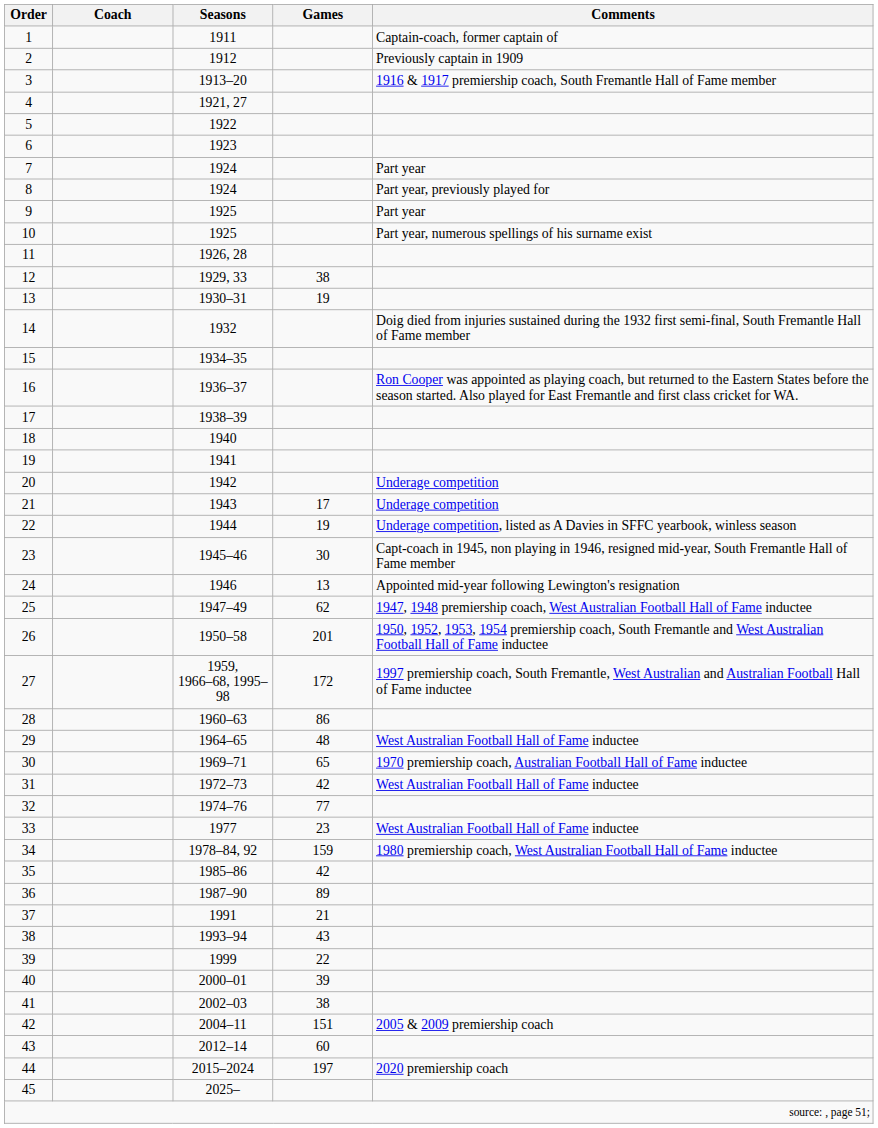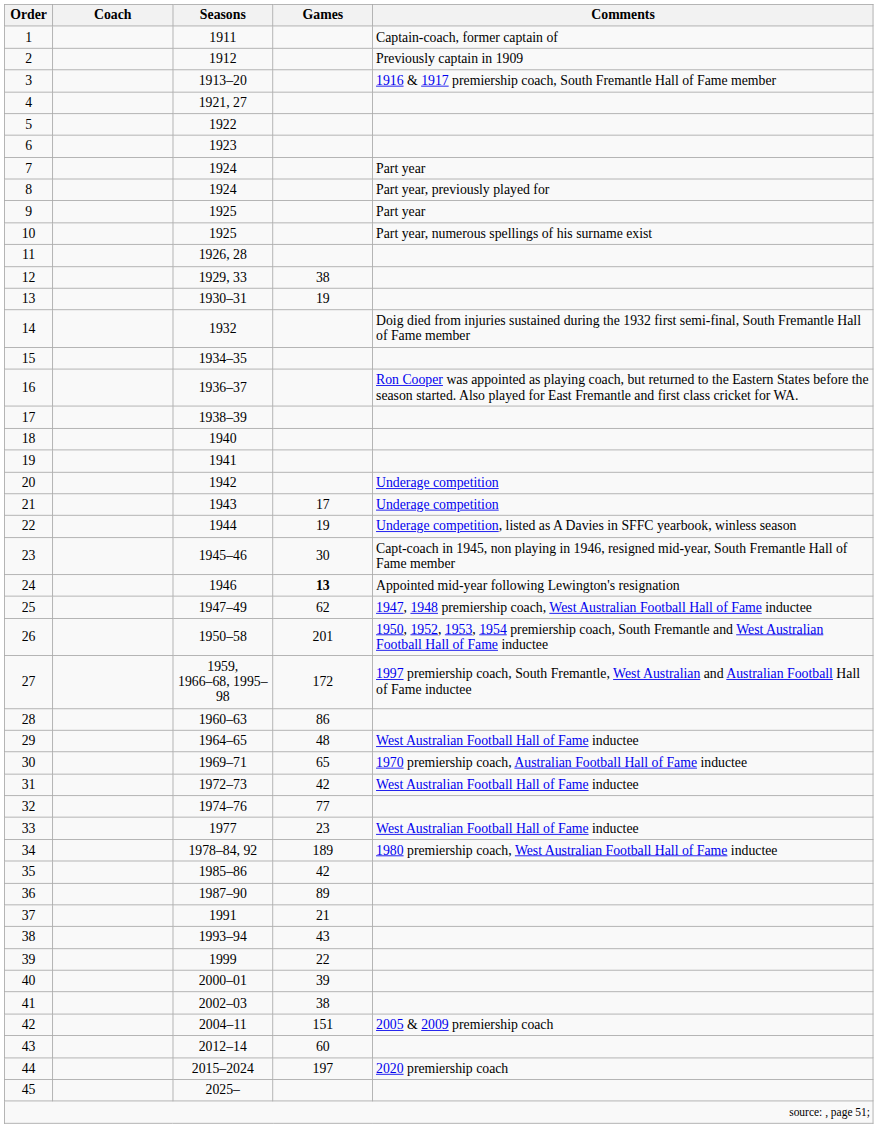 <table class="wikitable sortable" style="width: 80%; align: center">
 <tr>
 <th style="width: 4%;">Order</th>
 <th style="width: 12%;">Coach</th>
 <th style="width: 10%;">Seasons</th>
 <th style="width: 10%;">Games</th>
 <th style="width: 50%;">Comments</th>
 </tr>
 <tr>
 <td style="text-align: center">1</td>
 <td></td>
 <td style="text-align: center">1911</td>
 <td style="text-align: center"></td>
 <td>Captain-coach, former captain of </td>
 </tr>
 <tr>
 <td style="text-align: center">2</td>
 <td></td>
 <td style="text-align: center">1912</td>
 <td style="text-align: center"></td>
 <td>Previously captain in 1909</td>
 </tr>
 <tr>
 <td style="text-align: center">3</td>
 <td></td>
 <td style="text-align: center">1913–20</td>
 <td style="text-align: center"></td>
 <td><a href='#'>1916</a> & <a href='#'>1917</a> premiership coach, South Fremantle Hall of Fame member</td>
 </tr>
 <tr>
 <td style="text-align: center">4</td>
 <td></td>
 <td style="text-align: center">1921, 27</td>
 <td style="text-align: center"></td>
 <td></td>
 </tr>
 <tr>
 <td style="text-align: center">5</td>
 <td></td>
 <td style="text-align: center">1922</td>
 <td style="text-align: center"></td>
 <td></td>
 </tr>
 <tr>
 <td style="text-align: center">6</td>
 <td></td>
 <td style="text-align: center">1923</td>
 <td style="text-align: center"></td>
 <td></td>
 </tr>
 <tr>
 <td style="text-align: center">7</td>
 <td></td>
 <td style="text-align: center">1924</td>
 <td style="text-align: center"></td>
 <td>Part year</td>
 </tr>
 <tr>
 <td style="text-align: center">8</td>
 <td></td>
 <td style="text-align: center">1924</td>
 <td style="text-align: center"></td>
 <td>Part year, previously played for </td>
 </tr>
 <tr>
 <td style="text-align: center">9</td>
 <td></td>
 <td style="text-align: center">1925</td>
 <td style="text-align: center"></td>
 <td>Part year</td>
 </tr>
 <tr>
 <td style="text-align: center">10</td>
 <td></td>
 <td style="text-align: center">1925</td>
 <td style="text-align: center"></td>
 <td>Part year, numerous spellings of his surname exist</td>
 </tr>
 <tr>
 <td style="text-align: center">11</td>
 <td></td>
 <td style="text-align: center">1926, 28</td>
 <td style="text-align: center"></td>
 <td></td>
 </tr>
 <tr>
 <td style="text-align: center">12</td>
 <td></td>
 <td style="text-align: center">1929, 33</td>
 <td style="text-align: center">38</td>
 <td></td>
 </tr>
 <tr>
 <td style="text-align: center">13</td>
 <td></td>
 <td style="text-align: center">1930–31</td>
 <td style="text-align: center">19</td>
 <td></td>
 </tr>
 <tr>
 <td style="text-align: center">14</td>
 <td></td>
 <td style="text-align: center">1932</td>
 <td style="text-align: center"></td>
 <td>Doig died from injuries sustained during the 1932 first semi-final, South Fremantle Hall of Fame member</td>
 </tr>
 <tr>
 <td style="text-align: center">15</td>
 <td></td>
 <td style="text-align: center">1934–35</td>
 <td style="text-align: center"></td>
 <td></td>
 </tr>
 <tr>
 <td style="text-align: center">16</td>
 <td></td>
 <td style="text-align: center">1936–37</td>
 <td style="text-align: center"></td>
 <td><a href='#'>Ron Cooper</a> was appointed as playing coach, but returned to the Eastern States before the season started. Also played for East Fremantle and first class cricket for WA.</td>
 </tr>
 <tr>
 <td style="text-align: center">17</td>
 <td></td>
 <td style="text-align: center">1938–39</td>
 <td style="text-align: center"></td>
 <td></td>
 </tr>
 <tr>
 <td style="text-align: center">18</td>
 <td></td>
 <td style="text-align: center">1940</td>
 <td style="text-align: center"></td>
 <td></td>
 </tr>
 <tr>
 <td style="text-align: center">19</td>
 <td></td>
 <td style="text-align: center">1941</td>
 <td style="text-align: center"></td>
 <td></td>
 </tr>
 <tr>
 <td style="text-align: center">20</td>
 <td></td>
 <td style="text-align: center">1942</td>
 <td style="text-align: center"></td>
 <td><a href='#'>Underage competition</a></td>
 </tr>
 <tr>
 <td style="text-align: center">21</td>
 <td></td>
 <td style="text-align: center">1943</td>
 <td style="text-align: center">17</td>
 <td><a href='#'>Underage competition</a></td>
 </tr>
 <tr>
 <td style="text-align: center">22</td>
 <td></td>
 <td style="text-align: center">1944</td>
 <td style="text-align: center">19</td>
 <td><a href='#'>Underage competition</a>, listed as A Davies in SFFC yearbook, winless season</td>
 </tr>
 <tr>
 <td style="text-align: center">23</td>
 <td></td>
 <td style="text-align: center">1945–46</td>
 <td style="text-align: center">30</td>
 <td>Capt-coach in 1945, non playing in 1946, resigned mid-year, South Fremantle Hall of Fame member</td>
 </tr>
 <tr>
 <td style="text-align: center">24</td>
 <td></td>
 <td style="text-align: center">1946</td>
-<td style="text-align: center">13</td>
+<td style="text-align: center"><strong>13</strong></td>
 <td>Appointed mid-year following Lewington's resignation</td>
 </tr>
 <tr>
 <td style="text-align: center">25</td>
 <td></td>
 <td style="text-align: center">1947–49</td>
 <td style="text-align: center">62</td>
 <td><a href='#'>1947</a>, <a href='#'>1948</a> premiership coach, <a href='#'>West Australian Football Hall of Fame</a> inductee</td>
 </tr>
 <tr>
 <td style="text-align: center">26</td>
 <td></td>
 <td style="text-align: center">1950–58</td>
 <td style="text-align: center">201</td>
 <td><a href='#'>1950</a>, <a href='#'>1952</a>, <a href='#'>1953</a>, <a href='#'>1954</a> premiership coach, South Fremantle and <a href='#'>West Australian Football Hall of Fame</a> inductee</td>
 </tr>
 <tr>
 <td style="text-align: center">27</td>
 <td></td>
 <td style="text-align: center">1959,<br>1966–68, 1995–98</td>
 <td style="text-align: center">172</td>
 <td><a href='#'>1997</a> premiership coach, South Fremantle, <a href='#'>West Australian</a> and <a href='#'>Australian Football</a> Hall of Fame inductee</td>
 </tr>
 <tr>
 <td style="text-align: center">28</td>
 <td></td>
 <td style="text-align: center">1960–63</td>
 <td style="text-align: center">86</td>
 <td></td>
 </tr>
 <tr>
 <td style="text-align: center">29</td>
 <td></td>
 <td style="text-align: center">1964–65</td>
 <td style="text-align: center">48</td>
 <td><a href='#'>West Australian Football Hall of Fame</a> inductee</td>
 </tr>
 <tr>
 <td style="text-align: center">30</td>
 <td></td>
 <td style="text-align: center">1969–71</td>
 <td style="text-align: center">65</td>
 <td><a href='#'>1970</a> premiership coach, <a href='#'>Australian Football Hall of Fame</a> inductee</td>
 </tr>
 <tr>
 <td style="text-align: center">31</td>
 <td></td>
 <td style="text-align: center">1972–73</td>
 <td style="text-align: center">42</td>
 <td><a href='#'>West Australian Football Hall of Fame</a> inductee</td>
 </tr>
 <tr>
 <td style="text-align: center">32</td>
 <td></td>
 <td style="text-align: center">1974–76</td>
 <td style="text-align: center">77</td>
 <td></td>
 </tr>
 <tr>
 <td style="text-align: center">33</td>
 <td></td>
 <td style="text-align: center">1977</td>
 <td style="text-align: center">23</td>
 <td><a href='#'>West Australian Football Hall of Fame</a> inductee</td>
 </tr>
 <tr>
 <td style="text-align: center">34</td>
 <td></td>
 <td style="text-align: center">1978–84, 92</td>
-<td style="text-align: center">159</td>
+<td style="text-align: center">189</td>
 <td><a href='#'>1980</a> premiership coach, <a href='#'>West Australian Football Hall of Fame</a> inductee</td>
 </tr>
 <tr>
 <td style="text-align: center">35</td>
 <td></td>
 <td style="text-align: center">1985–86</td>
 <td style="text-align: center">42</td>
 <td></td>
 </tr>
 <tr>
 <td style="text-align: center">36</td>
 <td></td>
 <td style="text-align: center">1987–90</td>
 <td style="text-align: center">89</td>
 <td></td>
 </tr>
 <tr>
 <td style="text-align: center">37</td>
 <td></td>
 <td style="text-align: center">1991</td>
 <td style="text-align: center">21</td>
 <td></td>
 </tr>
 <tr>
 <td style="text-align: center">38</td>
 <td></td>
 <td style="text-align: center">1993–94</td>
 <td style="text-align: center">43</td>
 <td></td>
 </tr>
 <tr>
 <td style="text-align: center">39</td>
 <td></td>
 <td style="text-align: center">1999</td>
 <td style="text-align: center">22</td>
 <td></td>
 </tr>
 <tr>
 <td style="text-align: center">40</td>
 <td></td>
 <td style="text-align: center">2000–01</td>
 <td style="text-align: center">39</td>
 <td></td>
 </tr>
 <tr>
 <td style="text-align: center">41</td>
 <td></td>
 <td style="text-align: center">2002–03</td>
 <td style="text-align: center">38</td>
 <td></td>
 </tr>
 <tr>
 <td style="text-align: center">42</td>
 <td></td>
 <td style="text-align: center">2004–11</td>
 <td style="text-align: center">151</td>
 <td><a href='#'>2005</a> & <a href='#'>2009</a> premiership coach</td>
 </tr>
 <tr>
 <td style="text-align: center">43</td>
 <td></td>
 <td style="text-align: center">2012–14</td>
 <td style="text-align: center">60</td>
 <td></td>
 </tr>
 <tr>
 <td style="text-align: center">44</td>
 <td></td>
 <td style="text-align: center">2015–2024</td>
 <td style="text-align: center">197</td>
 <td><a href='#'>2020</a> premiership coach</td>
 </tr>
 <tr>
 <td style="text-align: center">45</td>
 <td></td>
 <td style="text-align: center">2025–</td>
 <td style="text-align: center"></td>
 <td></td>
 </tr>
 <tr>
 <td colspan=5 align="right"><small>source: , page 51; </small></td>
 </tr>
 </table>
